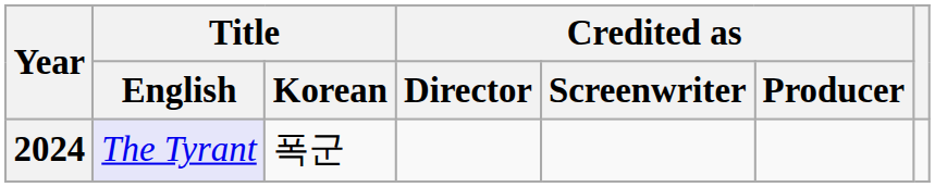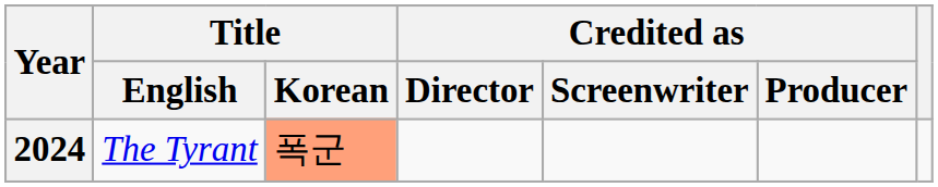 <table class="wikitable plainrowheaders">
 <tr>
 <th rowspan="2" scope="col">Year</th>
 <th colspan="2" scope="col">Title</th>
 <th colspan="3" scope="col">Credited as</th>
 <th rowspan="2" scope="col" class="unsortable"></th>
 </tr>
 <tr>
 <th>English</th>
 <th>Korean</th>
 <th>Director</th>
 <th>Screenwriter</th>
 <th>Producer</th>
 </tr>
 <tr>
 <th scope="row">2024</th>
-<td style="background: lavender;"><em><a href='#'>The Tyrant</a></em></td>
-<td>폭군</td>
+<td><em><a href='#'>The Tyrant</a></em></td>
+<td style="background: lightsalmon;">폭군</td>
 <td></td>
 <td></td>
 <td></td>
 <td></td>
 </tr>
 </table>
